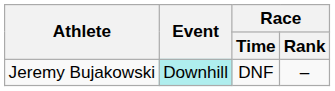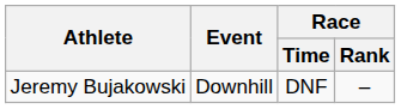 <table class="wikitable" style="font-size:90%">
 <tr>
 <th rowspan="2">Athlete</th>
 <th rowspan="2">Event</th>
 <th colspan="2">Race</th>
 </tr>
 <tr>
 <th>Time</th>
 <th>Rank</th>
 </tr>
 <tr>
 <td>Jeremy Bujakowski</td>
-<td style="background: paleturquoise;">Downhill</td>
+<td>Downhill</td>
 <td align="center">DNF</td>
 <td align="center">–</td>
 </tr>
 </table>
